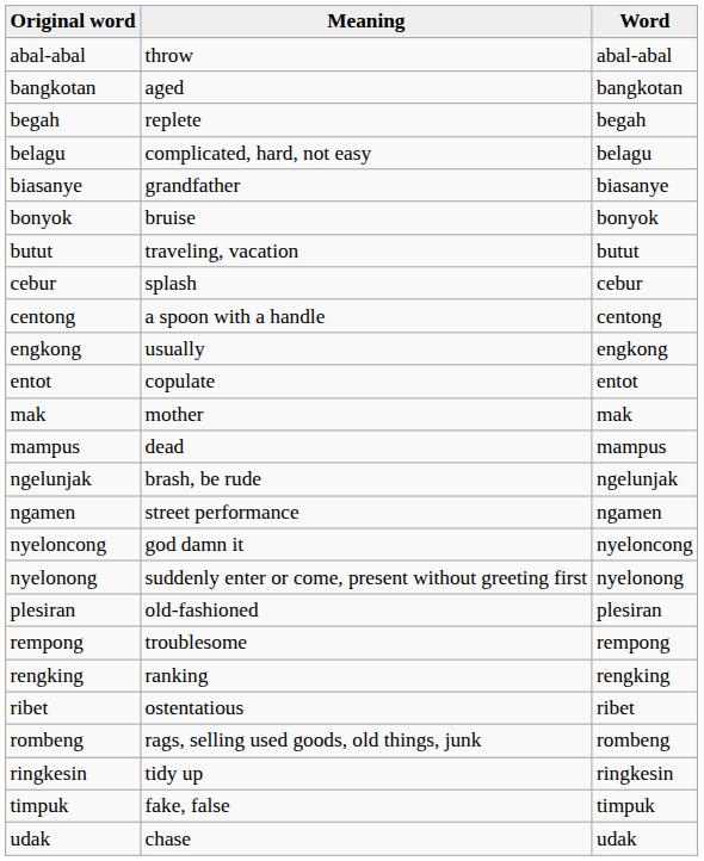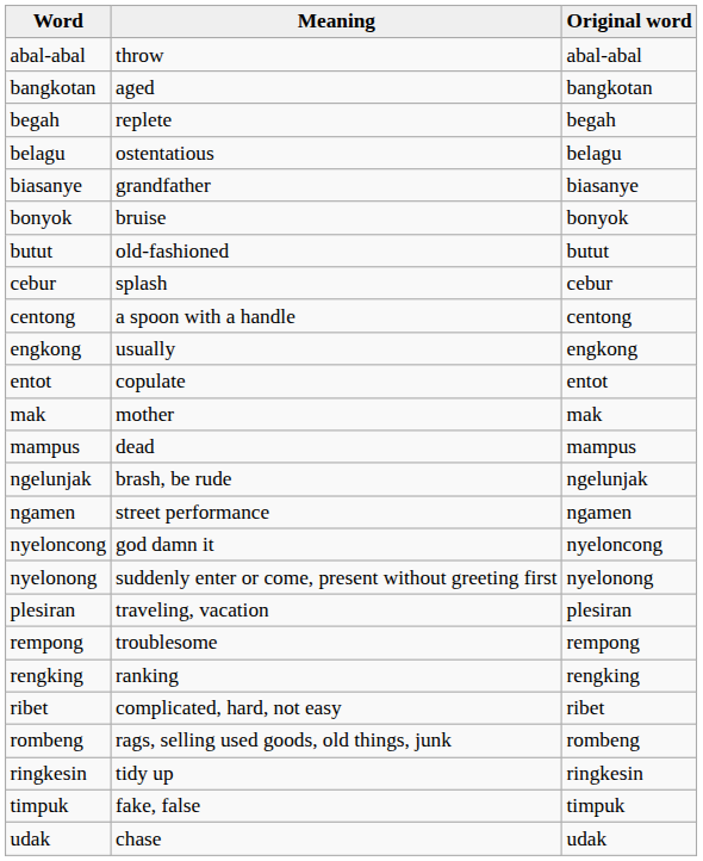 <table class="wikitable">
 <tr>
+<th style="background:#efefef;">Word</th>
+<th style="background:#efefef;">Meaning</th>
 <th style="background:#efefef;">Original word</th>
-<th style="background:#efefef;">Meaning</th>
-<th style="background:#efefef;">Word</th>
 </tr>
 <tr>
 <td>abal-abal</td>
 <td>throw</td>
 <td>abal-abal</td>
 </tr>
 <tr>
 <td>bangkotan</td>
 <td>aged</td>
 <td>bangkotan</td>
 </tr>
 <tr>
 <td>begah</td>
 <td>replete</td>
 <td>begah</td>
 </tr>
 <tr>
 <td>belagu</td>
-<td>complicated, hard, not easy</td>
+<td>ostentatious</td>
 <td>belagu</td>
 </tr>
 <tr>
 <td>biasanye</td>
 <td>grandfather</td>
 <td>biasanye</td>
 </tr>
 <tr>
 <td>bonyok</td>
 <td>bruise</td>
 <td>bonyok</td>
 </tr>
 <tr>
 <td>butut</td>
-<td>traveling, vacation</td>
+<td>old-fashioned</td>
 <td>butut</td>
 </tr>
 <tr>
 <td>cebur</td>
 <td>splash</td>
 <td>cebur</td>
 </tr>
 <tr>
 <td>centong</td>
 <td>a spoon with a handle</td>
 <td>centong</td>
 </tr>
 <tr>
 <td>engkong</td>
 <td>usually</td>
 <td>engkong</td>
 </tr>
 <tr>
 <td>entot</td>
 <td>copulate</td>
 <td>entot</td>
 </tr>
 <tr>
 <td>mak</td>
 <td>mother</td>
 <td>mak</td>
 </tr>
 <tr>
 <td>mampus</td>
 <td>dead</td>
 <td>mampus</td>
 </tr>
 <tr>
 <td>ngelunjak</td>
 <td>brash, be rude</td>
 <td>ngelunjak</td>
 </tr>
 <tr>
 <td>ngamen</td>
 <td>street performance</td>
 <td>ngamen</td>
 </tr>
 <tr>
 <td>nyeloncong</td>
 <td>god damn it</td>
 <td>nyeloncong</td>
 </tr>
 <tr>
 <td>nyelonong</td>
 <td>suddenly enter or come, present without greeting first</td>
 <td>nyelonong</td>
 </tr>
 <tr>
 <td>plesiran</td>
-<td>old-fashioned</td>
+<td>traveling, vacation</td>
 <td>plesiran</td>
 </tr>
 <tr>
 <td>rempong</td>
 <td>troublesome</td>
 <td>rempong</td>
 </tr>
 <tr>
 <td>rengking</td>
 <td>ranking</td>
 <td>rengking</td>
 </tr>
 <tr>
 <td>ribet</td>
-<td>ostentatious</td>
+<td>complicated, hard, not easy</td>
 <td>ribet</td>
 </tr>
 <tr>
 <td>rombeng</td>
 <td>rags, selling used goods, old things, junk</td>
 <td>rombeng</td>
 </tr>
 <tr>
 <td>ringkesin</td>
 <td>tidy up</td>
 <td>ringkesin</td>
 </tr>
 <tr>
 <td>timpuk</td>
 <td>fake, false</td>
 <td>timpuk</td>
 </tr>
 <tr>
 <td>udak</td>
 <td>chase</td>
 <td>udak</td>
 </tr>
 </table>
